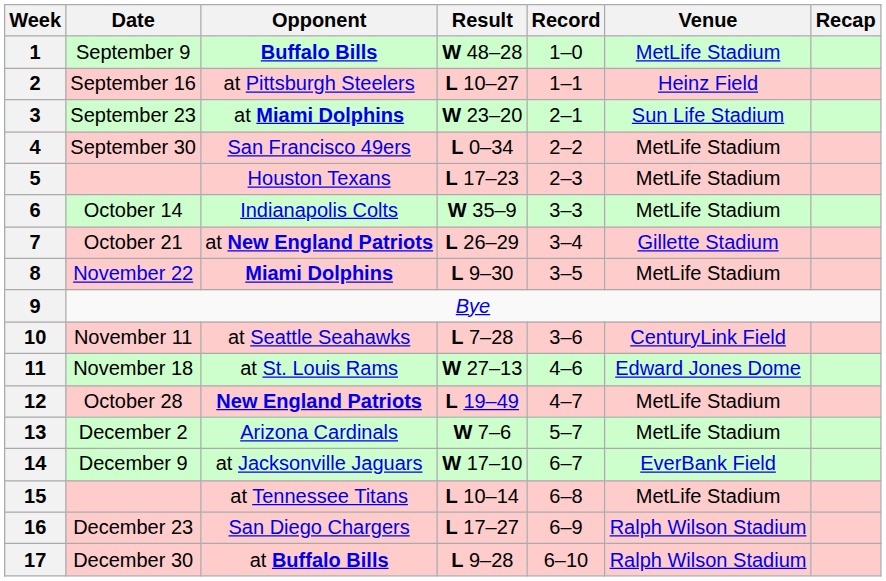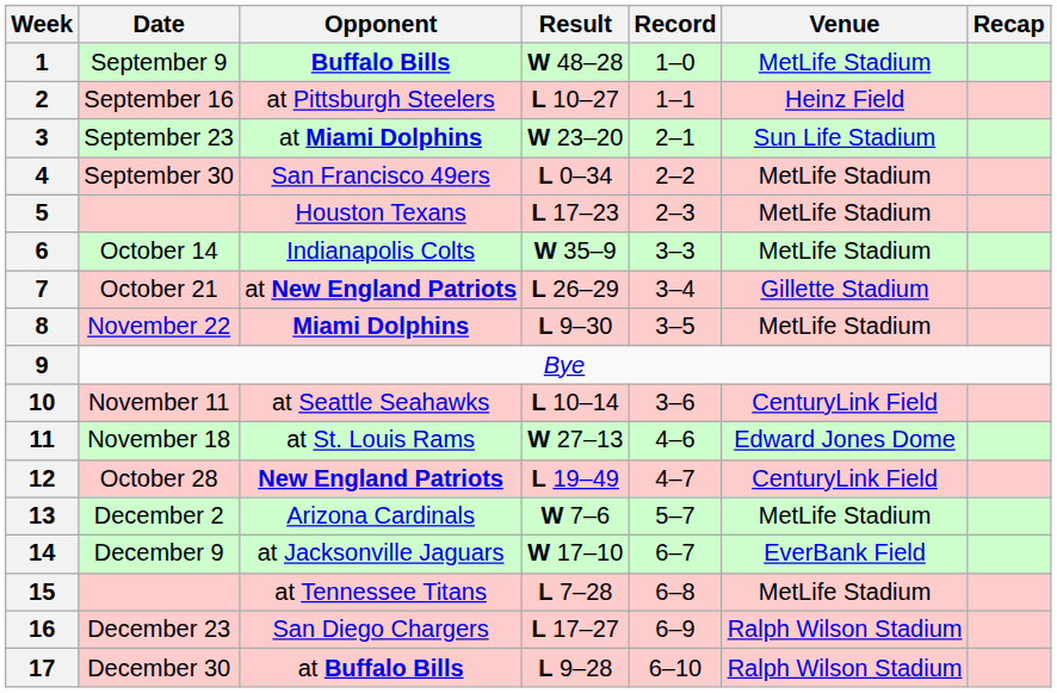 <table class="wikitable" style="text-align:center">
 <tr>
 <th>Week</th>
 <th>Date</th>
 <th>Opponent</th>
 <th>Result</th>
 <th>Record</th>
 <th>Venue</th>
 <th>Recap</th>
 </tr>
 <tr style="background:#cfc">
 <th>1</th>
 <td>September 9</td>
 <td><strong><a href='#'>Buffalo Bills</a></strong></td>
 <td><strong>W</strong> 48–28</td>
 <td>1–0</td>
 <td><a href='#'>MetLife Stadium</a></td>
 <td></td>
 </tr>
 <tr style="background:#fcc">
 <th>2</th>
 <td>September 16</td>
 <td>at <a href='#'>Pittsburgh Steelers</a></td>
 <td><strong>L</strong> 10–27</td>
 <td>1–1</td>
 <td><a href='#'>Heinz Field</a></td>
 <td></td>
 </tr>
 <tr style="background:#cfc">
 <th>3</th>
 <td>September 23</td>
 <td>at <strong><a href='#'>Miami Dolphins</a></strong></td>
 <td><strong>W</strong> 23–20 </td>
 <td>2–1</td>
 <td><a href='#'>Sun Life Stadium</a></td>
 <td></td>
 </tr>
 <tr style="background:#fcc">
 <th>4</th>
 <td>September 30</td>
 <td><a href='#'>San Francisco 49ers</a></td>
 <td><strong>L</strong> 0–34</td>
 <td>2–2</td>
 <td>MetLife Stadium</td>
 <td></td>
 </tr>
 <tr style="background:#fcc">
 <th>5</th>
 <td></td>
 <td><a href='#'>Houston Texans</a></td>
 <td><strong>L</strong> 17–23</td>
 <td>2–3</td>
 <td>MetLife Stadium</td>
 <td></td>
 </tr>
 <tr style="background:#cfc">
 <th>6</th>
 <td>October 14</td>
 <td><a href='#'>Indianapolis Colts</a></td>
 <td><strong>W</strong> 35–9</td>
 <td>3–3</td>
 <td>MetLife Stadium</td>
 <td></td>
 </tr>
 <tr style="background:#fcc">
 <th>7</th>
 <td>October 21</td>
 <td>at <strong><a href='#'>New England Patriots</a></strong></td>
 <td><strong>L</strong> 26–29 </td>
 <td>3–4</td>
 <td><a href='#'>Gillette Stadium</a></td>
 <td></td>
 </tr>
 <tr style="background:#fcc">
 <th>8</th>
 <td><a href='#'>November 22</a></td>
 <td><strong><a href='#'>Miami Dolphins</a></strong></td>
 <td><strong>L</strong> 9–30</td>
 <td>3–5</td>
 <td>MetLife Stadium</td>
 <td></td>
 </tr>
 <tr>
 <th>9</th>
 <td colspan="6"><em><a href='#'>Bye</a></em></td>
 </tr>
 <tr style="background:#fcc">
 <th>10</th>
 <td>November 11</td>
 <td>at <a href='#'>Seattle Seahawks</a></td>
-<td><strong>L</strong> 7–28</td>
+<td><strong>L</strong> 10–14</td>
 <td>3–6</td>
 <td><a href='#'>CenturyLink Field</a></td>
 <td></td>
 </tr>
 <tr style="background:#cfc">
 <th>11</th>
 <td>November 18</td>
 <td>at <a href='#'>St. Louis Rams</a></td>
 <td><strong>W</strong> 27–13</td>
 <td>4–6</td>
 <td><a href='#'>Edward Jones Dome</a></td>
 <td></td>
 </tr>
 <tr style="background:#fcc">
 <th>12</th>
 <td>October 28</td>
 <td><strong><a href='#'>New England Patriots</a></strong></td>
 <td><strong>L</strong> <a href='#'>19–49</a></td>
 <td>4–7</td>
-<td>MetLife Stadium</td>
+<td><a href='#'>CenturyLink Field</a></td>
 <td></td>
 </tr>
 <tr style="background:#cfc">
 <th>13</th>
 <td>December 2</td>
 <td><a href='#'>Arizona Cardinals</a></td>
 <td><strong>W</strong> 7–6</td>
 <td>5–7</td>
 <td>MetLife Stadium</td>
 <td></td>
 </tr>
 <tr style="background:#cfc">
 <th>14</th>
 <td>December 9</td>
 <td>at <a href='#'>Jacksonville Jaguars</a></td>
 <td><strong>W</strong> 17–10</td>
 <td>6–7</td>
 <td><a href='#'>EverBank Field</a></td>
 <td></td>
 </tr>
 <tr style="background:#fcc">
 <th>15</th>
 <td></td>
 <td>at <a href='#'>Tennessee Titans</a></td>
-<td><strong>L</strong> 10–14</td>
+<td><strong>L</strong> 7–28</td>
 <td>6–8</td>
 <td>MetLife Stadium</td>
 <td></td>
 </tr>
 <tr style="background:#fcc">
 <th>16</th>
 <td>December 23</td>
 <td><a href='#'>San Diego Chargers</a></td>
 <td><strong>L</strong> 17–27</td>
 <td>6–9</td>
 <td><a href='#'>Ralph Wilson Stadium</a></td>
 <td></td>
 </tr>
 <tr style="background:#fcc">
 <th>17</th>
 <td>December 30</td>
 <td>at <strong><a href='#'>Buffalo Bills</a></strong></td>
 <td><strong>L</strong> 9–28</td>
 <td>6–10</td>
 <td><a href='#'>Ralph Wilson Stadium</a></td>
 <td></td>
 </tr>
 </table>
